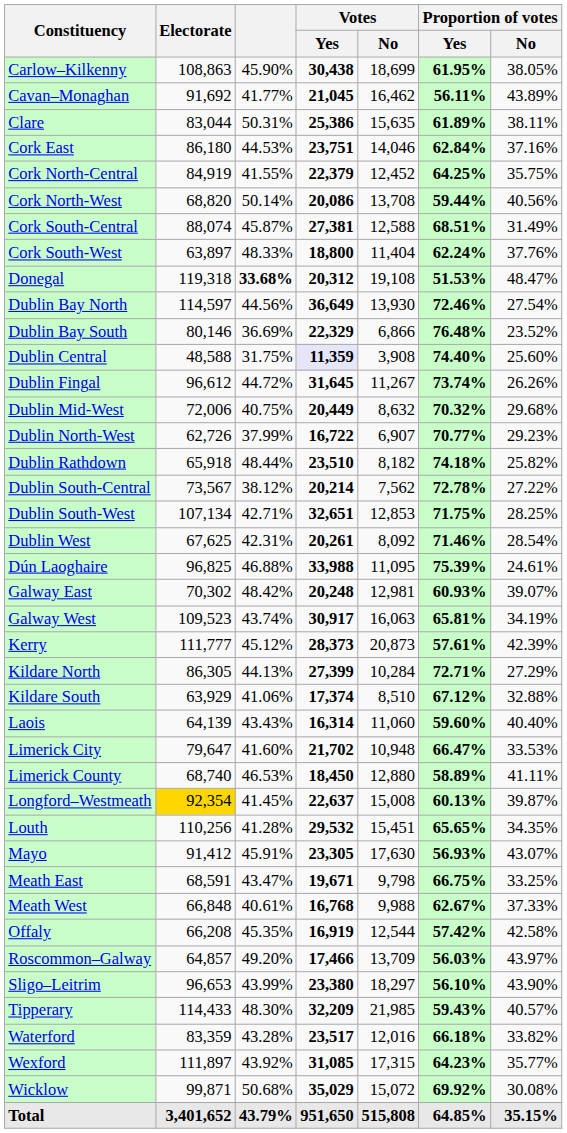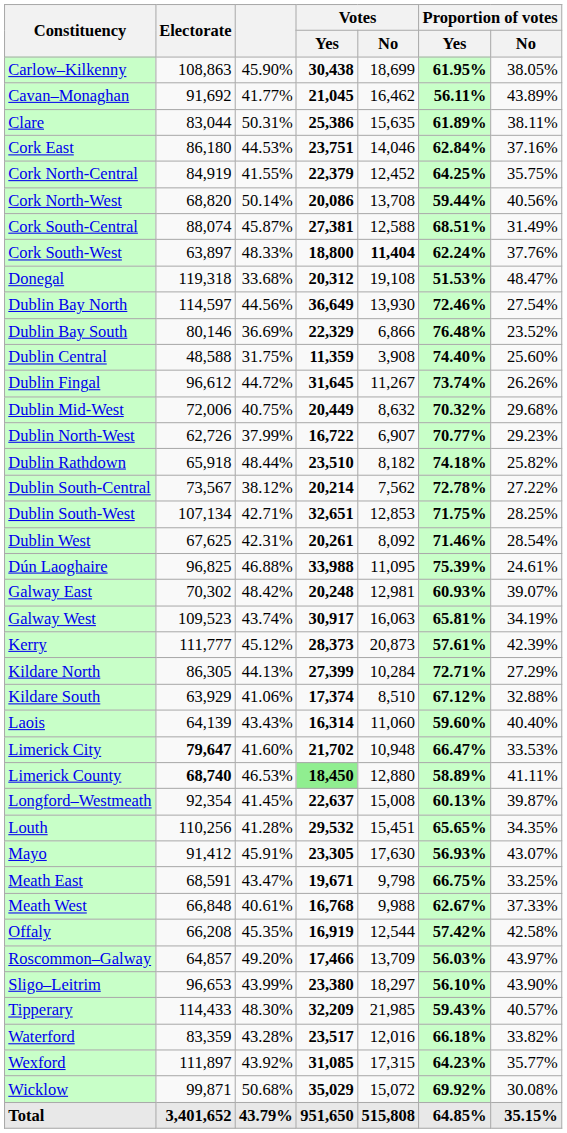 <table class="wikitable sortable">
 <tr>
 <th rowspan=2>Constituency</th>
 <th rowspan=2>Electorate</th>
 <th rowspan=2></th>
 <th colspan=2>Votes</th>
 <th colspan=2>Proportion of votes</th>
 </tr>
 <tr>
 <th>Yes</th>
 <th>No</th>
 <th>Yes</th>
 <th>No</th>
 </tr>
 <tr>
 <td style="background:#c8ffc8;"><a href='#'>Carlow–Kilkenny</a></td>
 <td style="text-align: right;">108,863</td>
 <td style="text-align: right;">45.90%</td>
 <td style="text-align: right;"><strong>30,438</strong></td>
 <td style="text-align: right;">18,699</td>
 <td style="text-align: right; background:#c8ffc8;"><strong>61.95%</strong></td>
 <td style="text-align: right;">38.05%</td>
 </tr>
 <tr>
 <td style="background:#c8ffc8;"><a href='#'>Cavan–Monaghan</a></td>
 <td style="text-align: right;">91,692</td>
 <td style="text-align: right;">41.77%</td>
 <td style="text-align: right;"><strong>21,045</strong></td>
 <td style="text-align: right;">16,462</td>
 <td style="text-align: right; background:#c8ffc8;"><strong>56.11%</strong></td>
 <td style="text-align: right;">43.89%</td>
 </tr>
 <tr>
 <td style="background:#c8ffc8;"><a href='#'>Clare</a></td>
 <td style="text-align: right;">83,044</td>
 <td style="text-align: right;">50.31%</td>
 <td style="text-align: right;"><strong>25,386</strong></td>
 <td style="text-align: right;">15,635</td>
 <td style="text-align: right; background:#c8ffc8;"><strong>61.89%</strong></td>
 <td style="text-align: right;">38.11%</td>
 </tr>
 <tr>
 <td style="background:#c8ffc8;"><a href='#'>Cork East</a></td>
 <td style="text-align: right;">86,180</td>
 <td style="text-align: right;">44.53%</td>
 <td style="text-align: right;"><strong>23,751</strong></td>
 <td style="text-align: right;">14,046</td>
 <td style="text-align: right; background:#c8ffc8;"><strong>62.84%</strong></td>
 <td style="text-align: right;">37.16%</td>
 </tr>
 <tr>
 <td style="background:#c8ffc8;"><a href='#'>Cork North-Central</a></td>
 <td style="text-align: right;">84,919</td>
 <td style="text-align: right;">41.55%</td>
 <td style="text-align: right;"><strong>22,379</strong></td>
 <td style="text-align: right;">12,452</td>
 <td style="text-align: right; background:#c8ffc8;"><strong>64.25%</strong></td>
 <td style="text-align: right;">35.75%</td>
 </tr>
 <tr>
 <td style="background:#c8ffc8;"><a href='#'>Cork North-West</a></td>
 <td style="text-align: right;">68,820</td>
 <td style="text-align: right;">50.14%</td>
 <td style="text-align: right;"><strong>20,086</strong></td>
 <td style="text-align: right;">13,708</td>
 <td style="text-align: right; background:#c8ffc8;"><strong>59.44%</strong></td>
 <td style="text-align: right;">40.56%</td>
 </tr>
 <tr>
 <td style="background:#c8ffc8;"><a href='#'>Cork South-Central</a></td>
 <td style="text-align: right;">88,074</td>
 <td style="text-align: right;">45.87%</td>
 <td style="text-align: right;"><strong>27,381</strong></td>
 <td style="text-align: right;">12,588</td>
 <td style="text-align: right; background:#c8ffc8;"><strong>68.51%</strong></td>
 <td style="text-align: right;">31.49%</td>
 </tr>
 <tr>
 <td style="background:#c8ffc8;"><a href='#'>Cork South-West</a></td>
 <td style="text-align: right;">63,897</td>
 <td style="text-align: right;">48.33%</td>
 <td style="text-align: right;"><strong>18,800</strong></td>
-<td style="text-align: right;">11,404</td>
+<td style="text-align: right;"><strong>11,404</strong></td>
 <td style="text-align: right; background:#c8ffc8;"><strong>62.24%</strong></td>
 <td style="text-align: right;">37.76%</td>
 </tr>
 <tr>
 <td style="background:#c8ffc8;"><a href='#'>Donegal</a></td>
 <td style="text-align: right;">119,318</td>
-<td style="text-align: right;"><strong>33.68%</strong></td>
+<td style="text-align: right;">33.68%</td>
 <td style="text-align: right;"><strong>20,312</strong></td>
 <td style="text-align: right;">19,108</td>
 <td style="text-align: right; background:#c8ffc8;"><strong>51.53%</strong></td>
 <td style="text-align: right;">48.47%</td>
 </tr>
 <tr>
 <td style="background:#c8ffc8;"><a href='#'>Dublin Bay North</a></td>
 <td style="text-align: right;">114,597</td>
 <td style="text-align: right;">44.56%</td>
 <td style="text-align: right;"><strong>36,649</strong></td>
 <td style="text-align: right;">13,930</td>
 <td style="text-align: right; background:#c8ffc8;"><strong>72.46%</strong></td>
 <td style="text-align: right;">27.54%</td>
 </tr>
 <tr>
 <td style="background:#c8ffc8;"><a href='#'>Dublin Bay South</a></td>
 <td style="text-align: right;">80,146</td>
 <td style="text-align: right;">36.69%</td>
 <td style="text-align: right;"><strong>22,329</strong></td>
 <td style="text-align: right;">6,866</td>
 <td style="text-align: right; background:#c8ffc8;"><strong>76.48%</strong></td>
 <td style="text-align: right;">23.52%</td>
 </tr>
 <tr>
 <td style="background:#c8ffc8;"><a href='#'>Dublin Central</a></td>
 <td style="text-align: right;">48,588</td>
 <td style="text-align: right;">31.75%</td>
-<td style="background: lavender; text-align: right;"><strong>11,359</strong></td>
+<td style="text-align: right;"><strong>11,359</strong></td>
 <td style="text-align: right;">3,908</td>
 <td style="text-align: right; background:#c8ffc8;"><strong>74.40%</strong></td>
 <td style="text-align: right;">25.60%</td>
 </tr>
 <tr>
 <td style="background:#c8ffc8;"><a href='#'>Dublin Fingal</a></td>
 <td style="text-align: right;">96,612</td>
 <td style="text-align: right;">44.72%</td>
 <td style="text-align: right;"><strong>31,645</strong></td>
 <td style="text-align: right;">11,267</td>
 <td style="text-align: right; background:#c8ffc8;"><strong>73.74%</strong></td>
 <td style="text-align: right;">26.26%</td>
 </tr>
 <tr>
 <td style="background:#c8ffc8;"><a href='#'>Dublin Mid-West</a></td>
 <td style="text-align: right;">72,006</td>
 <td style="text-align: right;">40.75%</td>
 <td style="text-align: right;"><strong>20,449</strong></td>
 <td style="text-align: right;">8,632</td>
 <td style="text-align: right; background:#c8ffc8;"><strong>70.32%</strong></td>
 <td style="text-align: right;">29.68%</td>
 </tr>
 <tr>
 <td style="background:#c8ffc8;"><a href='#'>Dublin North-West</a></td>
 <td style="text-align: right;">62,726</td>
 <td style="text-align: right;">37.99%</td>
 <td style="text-align: right;"><strong>16,722</strong></td>
 <td style="text-align: right;">6,907</td>
 <td style="text-align: right; background:#c8ffc8;"><strong>70.77%</strong></td>
 <td style="text-align: right;">29.23%</td>
 </tr>
 <tr>
 <td style="background:#c8ffc8;"><a href='#'>Dublin Rathdown</a></td>
 <td style="text-align: right;">65,918</td>
 <td style="text-align: right;">48.44%</td>
 <td style="text-align: right;"><strong>23,510</strong></td>
 <td style="text-align: right;">8,182</td>
 <td style="text-align: right; background:#c8ffc8;"><strong>74.18%</strong></td>
 <td style="text-align: right;">25.82%</td>
 </tr>
 <tr>
 <td style="background:#c8ffc8;"><a href='#'>Dublin South-Central</a></td>
 <td style="text-align: right;">73,567</td>
 <td style="text-align: right;">38.12%</td>
 <td style="text-align: right;"><strong>20,214</strong></td>
 <td style="text-align: right;">7,562</td>
 <td style="text-align: right; background:#c8ffc8;"><strong>72.78%</strong></td>
 <td style="text-align: right;">27.22%</td>
 </tr>
 <tr>
 <td style="background:#c8ffc8;"><a href='#'>Dublin South-West</a></td>
 <td style="text-align: right;">107,134</td>
 <td style="text-align: right;">42.71%</td>
 <td style="text-align: right;"><strong>32,651</strong></td>
 <td style="text-align: right;">12,853</td>
 <td style="text-align: right; background:#c8ffc8;"><strong>71.75%</strong></td>
 <td style="text-align: right;">28.25%</td>
 </tr>
 <tr>
 <td style="background:#c8ffc8;"><a href='#'>Dublin West</a></td>
 <td style="text-align: right;">67,625</td>
 <td style="text-align: right;">42.31%</td>
 <td style="text-align: right;"><strong>20,261</strong></td>
 <td style="text-align: right;">8,092</td>
 <td style="text-align: right; background:#c8ffc8;"><strong>71.46%</strong></td>
 <td style="text-align: right;">28.54%</td>
 </tr>
 <tr>
 <td style="background:#c8ffc8;"><a href='#'>Dún Laoghaire</a></td>
 <td style="text-align: right;">96,825</td>
 <td style="text-align: right;">46.88%</td>
 <td style="text-align: right;"><strong>33,988</strong></td>
 <td style="text-align: right;">11,095</td>
 <td style="text-align: right; background:#c8ffc8;"><strong>75.39%</strong></td>
 <td style="text-align: right;">24.61%</td>
 </tr>
 <tr>
 <td style="background:#c8ffc8;"><a href='#'>Galway East</a></td>
 <td style="text-align: right;">70,302</td>
 <td style="text-align: right;">48.42%</td>
 <td style="text-align: right;"><strong>20,248</strong></td>
 <td style="text-align: right;">12,981</td>
 <td style="text-align: right; background:#c8ffc8;"><strong>60.93%</strong></td>
 <td style="text-align: right;">39.07%</td>
 </tr>
 <tr>
 <td style="background:#c8ffc8;"><a href='#'>Galway West</a></td>
 <td style="text-align: right;">109,523</td>
 <td style="text-align: right;">43.74%</td>
 <td style="text-align: right;"><strong>30,917</strong></td>
 <td style="text-align: right;">16,063</td>
 <td style="text-align: right; background:#c8ffc8;"><strong>65.81%</strong></td>
 <td style="text-align: right;">34.19%</td>
 </tr>
 <tr>
 <td style="background:#c8ffc8;"><a href='#'>Kerry</a></td>
 <td style="text-align: right;">111,777</td>
 <td style="text-align: right;">45.12%</td>
 <td style="text-align: right;"><strong>28,373</strong></td>
 <td style="text-align: right;">20,873</td>
 <td style="text-align: right; background:#c8ffc8;"><strong>57.61%</strong></td>
 <td style="text-align: right;">42.39%</td>
 </tr>
 <tr>
 <td style="background:#c8ffc8;"><a href='#'>Kildare North</a></td>
 <td style="text-align: right;">86,305</td>
 <td style="text-align: right;">44.13%</td>
 <td style="text-align: right;"><strong>27,399</strong></td>
 <td style="text-align: right;">10,284</td>
 <td style="text-align: right; background:#c8ffc8;"><strong>72.71%</strong></td>
 <td style="text-align: right;">27.29%</td>
 </tr>
 <tr>
 <td style="background:#c8ffc8;"><a href='#'>Kildare South</a></td>
 <td style="text-align: right;">63,929</td>
 <td style="text-align: right;">41.06%</td>
 <td style="text-align: right;"><strong>17,374</strong></td>
 <td style="text-align: right;">8,510</td>
 <td style="text-align: right; background:#c8ffc8;"><strong>67.12%</strong></td>
 <td style="text-align: right;">32.88%</td>
 </tr>
 <tr>
 <td style="background:#c8ffc8;"><a href='#'>Laois</a></td>
 <td style="text-align: right;">64,139</td>
 <td style="text-align: right;">43.43%</td>
 <td style="text-align: right;"><strong>16,314</strong></td>
 <td style="text-align: right;">11,060</td>
 <td style="text-align: right; background:#c8ffc8;"><strong>59.60%</strong></td>
 <td style="text-align: right;">40.40%</td>
 </tr>
 <tr>
 <td style="background:#c8ffc8;"><a href='#'>Limerick City</a></td>
-<td style="text-align: right;">79,647</td>
+<td style="text-align: right;"><strong>79,647</strong></td>
 <td style="text-align: right;">41.60%</td>
 <td style="text-align: right;"><strong>21,702</strong></td>
 <td style="text-align: right;">10,948</td>
 <td style="text-align: right; background:#c8ffc8;"><strong>66.47%</strong></td>
 <td style="text-align: right;">33.53%</td>
 </tr>
 <tr>
 <td style="background:#c8ffc8;"><a href='#'>Limerick County</a></td>
-<td style="text-align: right;">68,740</td>
+<td style="text-align: right;"><strong>68,740</strong></td>
 <td style="text-align: right;">46.53%</td>
-<td style="text-align: right;"><strong>18,450</strong></td>
+<td style="background: lightgreen; text-align: right;"><strong>18,450</strong></td>
 <td style="text-align: right;">12,880</td>
 <td style="text-align: right; background:#c8ffc8;"><strong>58.89%</strong></td>
 <td style="text-align: right;">41.11%</td>
 </tr>
 <tr>
 <td style="background:#c8ffc8;"><a href='#'>Longford–Westmeath</a></td>
-<td style="background: gold; text-align: right;">92,354</td>
+<td style="text-align: right;">92,354</td>
 <td style="text-align: right;">41.45%</td>
 <td style="text-align: right;"><strong>22,637</strong></td>
 <td style="text-align: right;">15,008</td>
 <td style="text-align: right; background:#c8ffc8;"><strong>60.13%</strong></td>
 <td style="text-align: right;">39.87%</td>
 </tr>
 <tr>
 <td style="background:#c8ffc8;"><a href='#'>Louth</a></td>
 <td style="text-align: right;">110,256</td>
 <td style="text-align: right;">41.28%</td>
 <td style="text-align: right;"><strong>29,532</strong></td>
 <td style="text-align: right;">15,451</td>
 <td style="text-align: right; background:#c8ffc8;"><strong>65.65%</strong></td>
 <td style="text-align: right;">34.35%</td>
 </tr>
 <tr>
 <td style="background:#c8ffc8;"><a href='#'>Mayo</a></td>
 <td style="text-align: right;">91,412</td>
 <td style="text-align: right;">45.91%</td>
 <td style="text-align: right;"><strong>23,305</strong></td>
 <td style="text-align: right;">17,630</td>
 <td style="text-align: right; background:#c8ffc8;"><strong>56.93%</strong></td>
 <td style="text-align: right;">43.07%</td>
 </tr>
 <tr>
 <td style="background:#c8ffc8;"><a href='#'>Meath East</a></td>
 <td style="text-align: right;">68,591</td>
 <td style="text-align: right;">43.47%</td>
 <td style="text-align: right;"><strong>19,671</strong></td>
 <td style="text-align: right;">9,798</td>
 <td style="text-align: right; background:#c8ffc8;"><strong>66.75%</strong></td>
 <td style="text-align: right;">33.25%</td>
 </tr>
 <tr>
 <td style="background:#c8ffc8;"><a href='#'>Meath West</a></td>
 <td style="text-align: right;">66,848</td>
 <td style="text-align: right;">40.61%</td>
 <td style="text-align: right;"><strong>16,768</strong></td>
 <td style="text-align: right;">9,988</td>
 <td style="text-align: right; background:#c8ffc8;"><strong>62.67%</strong></td>
 <td style="text-align: right;">37.33%</td>
 </tr>
 <tr>
 <td style="background:#c8ffc8;"><a href='#'>Offaly</a></td>
 <td style="text-align: right;">66,208</td>
 <td style="text-align: right;">45.35%</td>
 <td style="text-align: right;"><strong>16,919</strong></td>
 <td style="text-align: right;">12,544</td>
 <td style="text-align: right; background:#c8ffc8;"><strong>57.42%</strong></td>
 <td style="text-align: right;">42.58%</td>
 </tr>
 <tr>
 <td style="background:#c8ffc8;"><a href='#'>Roscommon–Galway</a></td>
 <td style="text-align: right;">64,857</td>
 <td style="text-align: right;">49.20%</td>
 <td style="text-align: right;"><strong>17,466</strong></td>
 <td style="text-align: right;">13,709</td>
 <td style="text-align: right; background:#c8ffc8;"><strong>56.03%</strong></td>
 <td style="text-align: right;">43.97%</td>
 </tr>
 <tr>
 <td style="background:#c8ffc8;"><a href='#'>Sligo–Leitrim</a></td>
 <td style="text-align: right;">96,653</td>
 <td style="text-align: right;">43.99%</td>
 <td style="text-align: right;"><strong>23,380</strong></td>
 <td style="text-align: right;">18,297</td>
 <td style="text-align: right; background:#c8ffc8;"><strong>56.10%</strong></td>
 <td style="text-align: right;">43.90%</td>
 </tr>
 <tr>
 <td style="background:#c8ffc8;"><a href='#'>Tipperary</a></td>
 <td style="text-align: right;">114,433</td>
 <td style="text-align: right;">48.30%</td>
 <td style="text-align: right;"><strong>32,209</strong></td>
 <td style="text-align: right;">21,985</td>
 <td style="text-align: right; background:#c8ffc8;"><strong>59.43%</strong></td>
 <td style="text-align: right;">40.57%</td>
 </tr>
 <tr>
 <td style="background:#c8ffc8;"><a href='#'>Waterford</a></td>
 <td style="text-align: right;">83,359</td>
 <td style="text-align: right;">43.28%</td>
 <td style="text-align: right;"><strong>23,517</strong></td>
 <td style="text-align: right;">12,016</td>
 <td style="text-align: right; background:#c8ffc8;"><strong>66.18%</strong></td>
 <td style="text-align: right;">33.82%</td>
 </tr>
 <tr>
 <td style="background:#c8ffc8;"><a href='#'>Wexford</a></td>
 <td style="text-align: right;">111,897</td>
 <td style="text-align: right;">43.92%</td>
 <td style="text-align: right;"><strong>31,085</strong></td>
 <td style="text-align: right;">17,315</td>
 <td style="text-align: right; background:#c8ffc8;"><strong>64.23%</strong></td>
 <td style="text-align: right;">35.77%</td>
 </tr>
 <tr>
 <td style="background:#c8ffc8;"><a href='#'>Wicklow</a></td>
 <td style="text-align: right;">99,871</td>
 <td style="text-align: right;">50.68%</td>
 <td style="text-align: right;"><strong>35,029</strong></td>
 <td style="text-align: right;">15,072</td>
 <td style="text-align: right; background:#c8ffc8;"><strong>69.92%</strong></td>
 <td style="text-align: right;">30.08%</td>
 </tr>
 <tr class="sortbottom" style="font-weight:bold; background:rgb(232,232,232);">
 <td>Total</td>
 <td style="text-align: right;">3,401,652</td>
 <td style="text-align: right;">43.79%</td>
 <td style="text-align: right;"><strong>951,650</strong></td>
 <td style="text-align: right;">515,808</td>
 <td style="text-align: right;"><strong>64.85%</strong></td>
 <td style="text-align: right;">35.15%</td>
 </tr>
 </table>
